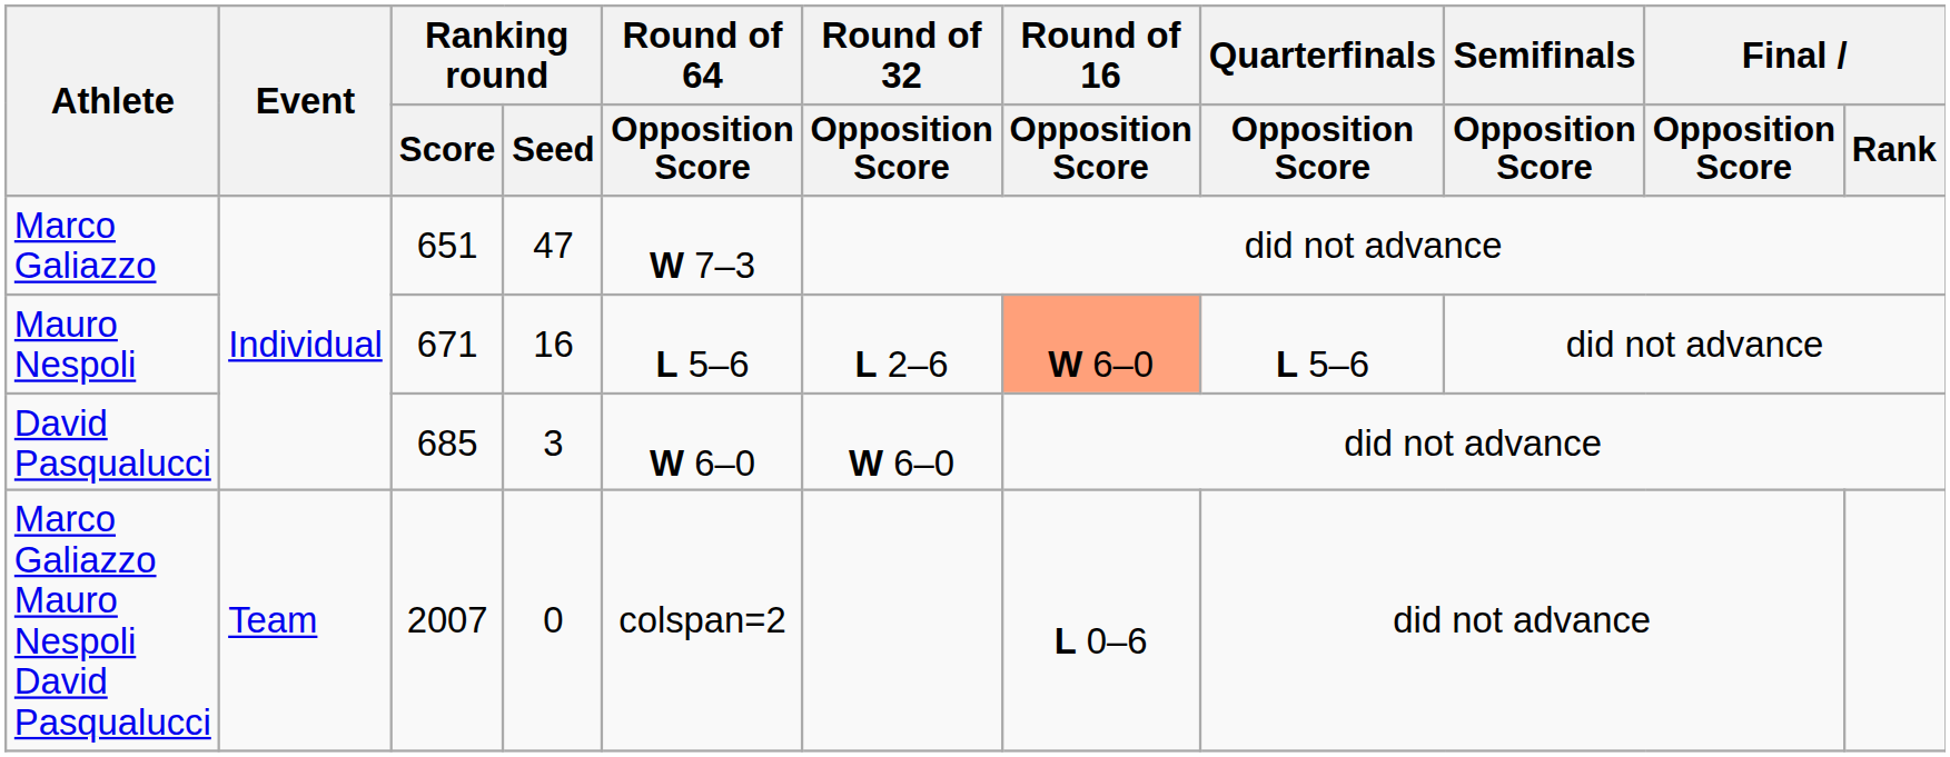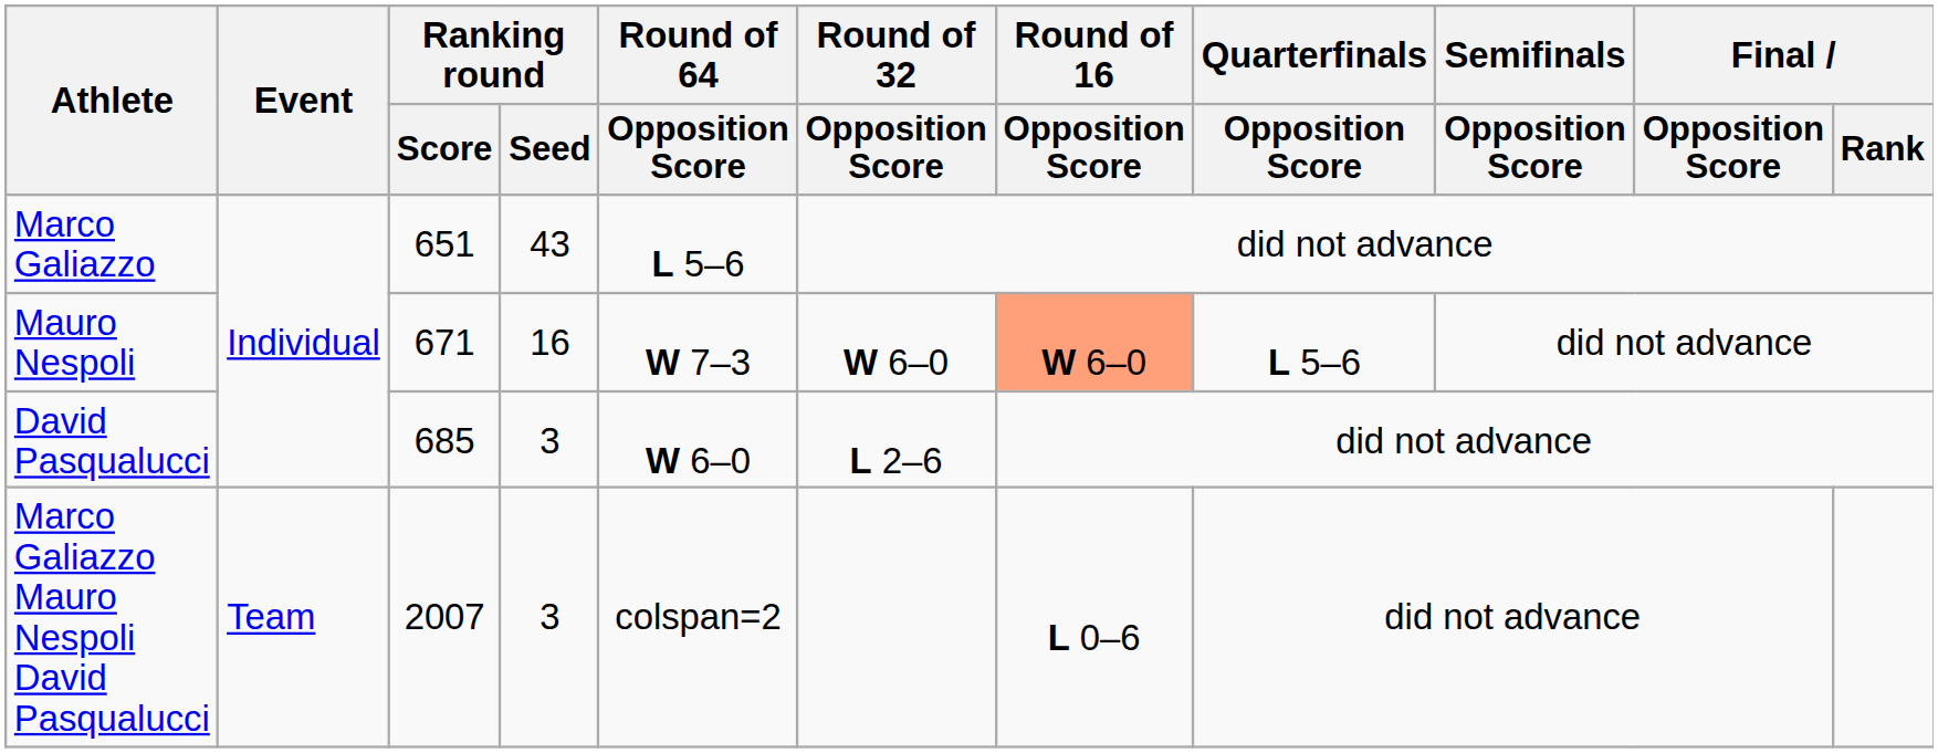 <table class="wikitable" style="font-size:90%">
 <tr>
 <th rowspan=2>Athlete</th>
 <th rowspan=2>Event</th>
 <th colspan="2">Ranking round</th>
 <th>Round of 64</th>
 <th>Round of 32</th>
 <th>Round of 16</th>
 <th>Quarterfinals</th>
 <th>Semifinals</th>
 <th colspan="2">Final / </th>
 </tr>
 <tr style="font-size:95%">
 <th>Score</th>
 <th>Seed</th>
 <th>Opposition<br>Score</th>
 <th>Opposition<br>Score</th>
 <th>Opposition<br>Score</th>
 <th>Opposition<br>Score</th>
 <th>Opposition<br>Score</th>
 <th>Opposition<br>Score</th>
 <th>Rank</th>
 </tr>
 <tr align="center">
 <td align=left><a href='#'>Marco Galiazzo</a></td>
 <td align=left rowspan=3><a href='#'>Individual</a></td>
 <td>651</td>
-<td>47</td>
-<td><br><strong>W</strong> 7–3</td>
+<td>43</td>
+<td><br><strong>L</strong> 5–6</td>
 <td colspan=6>did not advance</td>
 </tr>
 <tr align=center>
 <td align=left><a href='#'>Mauro Nespoli</a></td>
 <td>671</td>
 <td>16</td>
-<td><br><strong>L</strong> 5–6</td>
-<td><br><strong>L</strong> 2–6</td>
+<td><br><strong>W</strong> 7–3</td>
+<td><br><strong>W</strong> 6–0</td>
 <td style="background: lightsalmon;"><br><strong>W</strong> 6–0</td>
 <td><br><strong>L</strong> 5–6</td>
 <td colspan=3>did not advance</td>
 </tr>
 <tr align=center>
 <td align=left><a href='#'>David Pasqualucci</a></td>
 <td>685</td>
 <td>3</td>
 <td><br><strong>W</strong> 6–0</td>
-<td><br><strong>W</strong> 6–0</td>
+<td><br><strong>L</strong> 2–6</td>
 <td colspan=5>did not advance</td>
 </tr>
 <tr align=center>
 <td align=left><a href='#'>Marco Galiazzo</a><br><a href='#'>Mauro Nespoli</a><br><a href='#'>David Pasqualucci</a></td>
 <td align=left><a href='#'>Team</a></td>
 <td>2007</td>
-<td>0</td>
+<td>3</td>
 <td>colspan=2 </td>
 <td></td>
 <td><br><strong>L</strong> 0–6</td>
 <td colspan=3>did not advance</td>
 </tr>
 </table>
